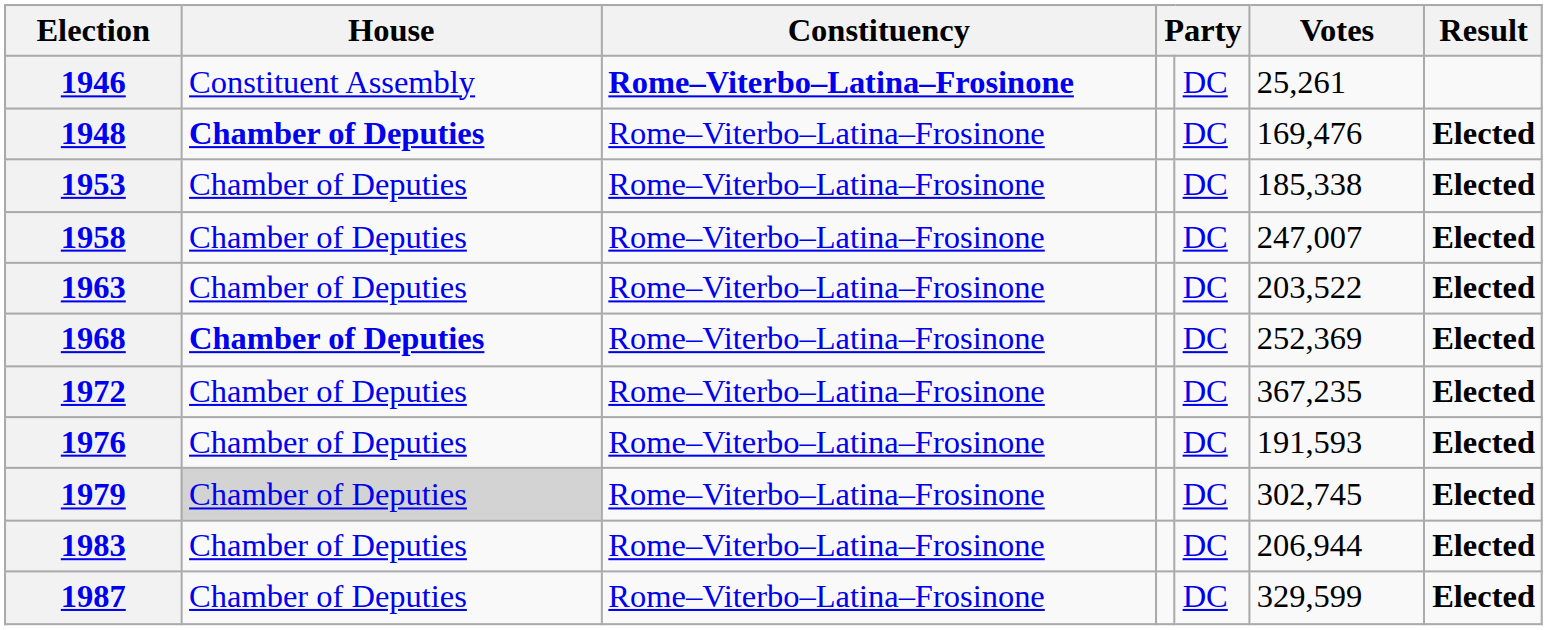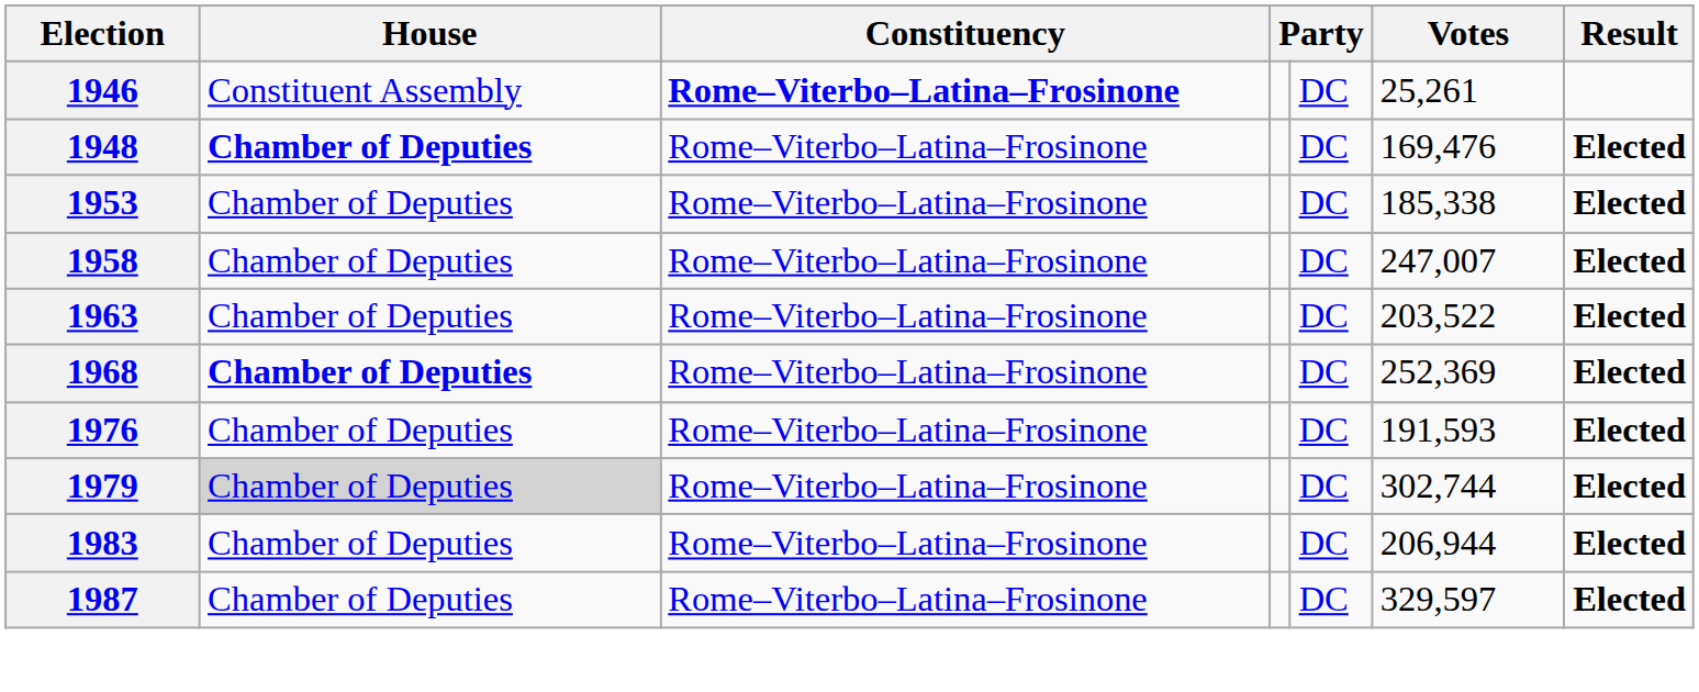 <table class=wikitable style="width:60%; border:1px #AAAAFF solid">
 <tr>
 <th width=12%>Election</th>
 <th width=30%>House</th>
 <th width=40%>Constituency</th>
 <th width=5% colspan="2">Party</th>
 <th width=12%>Votes</th>
 <th width=12%>Result</th>
 </tr>
 <tr>
 <th><a href='#'>1946</a></th>
 <td><a href='#'>Constituent Assembly</a></td>
 <td><strong><a href='#'>Rome–Viterbo–Latina–Frosinone</a></strong></td>
 <td></td>
 <td><a href='#'>DC</a></td>
 <td>25,261</td>
 <td></td>
 </tr>
 <tr>
 <th><a href='#'>1948</a></th>
 <td><strong><a href='#'>Chamber of Deputies</a></strong></td>
 <td><a href='#'>Rome–Viterbo–Latina–Frosinone</a></td>
 <td></td>
 <td><a href='#'>DC</a></td>
 <td>169,476</td>
 <td> <strong>Elected</strong></td>
 </tr>
 <tr>
 <th><a href='#'>1953</a></th>
 <td><a href='#'>Chamber of Deputies</a></td>
 <td><a href='#'>Rome–Viterbo–Latina–Frosinone</a></td>
 <td></td>
 <td><a href='#'>DC</a></td>
 <td>185,338</td>
 <td> <strong>Elected</strong></td>
 </tr>
 <tr>
 <th><a href='#'>1958</a></th>
 <td><a href='#'>Chamber of Deputies</a></td>
 <td><a href='#'>Rome–Viterbo–Latina–Frosinone</a></td>
 <td></td>
 <td><a href='#'>DC</a></td>
 <td>247,007</td>
 <td> <strong>Elected</strong></td>
 </tr>
 <tr>
 <th><a href='#'>1963</a></th>
 <td><a href='#'>Chamber of Deputies</a></td>
 <td><a href='#'>Rome–Viterbo–Latina–Frosinone</a></td>
 <td></td>
 <td><a href='#'>DC</a></td>
 <td>203,522</td>
 <td> <strong>Elected</strong></td>
 </tr>
 <tr>
 <th><a href='#'>1968</a></th>
 <td><strong><a href='#'>Chamber of Deputies</a></strong></td>
 <td><a href='#'>Rome–Viterbo–Latina–Frosinone</a></td>
 <td></td>
 <td><a href='#'>DC</a></td>
 <td>252,369</td>
 <td> <strong>Elected</strong></td>
 </tr>
 <tr>
-<th><a href='#'>1972</a></th>
-<td><a href='#'>Chamber of Deputies</a></td>
-<td><a href='#'>Rome–Viterbo–Latina–Frosinone</a></td>
-<td></td>
-<td><a href='#'>DC</a></td>
-<td>367,235</td>
-<td> <strong>Elected</strong></td>
-</tr>
-<tr>
 <th><a href='#'>1976</a></th>
 <td><a href='#'>Chamber of Deputies</a></td>
 <td><a href='#'>Rome–Viterbo–Latina–Frosinone</a></td>
 <td></td>
 <td><a href='#'>DC</a></td>
 <td>191,593</td>
 <td> <strong>Elected</strong></td>
 </tr>
 <tr>
 <th><a href='#'>1979</a></th>
 <td style="background: lightgrey;"><a href='#'>Chamber of Deputies</a></td>
 <td><a href='#'>Rome–Viterbo–Latina–Frosinone</a></td>
 <td></td>
 <td><a href='#'>DC</a></td>
-<td>302,745</td>
+<td>302,744</td>
 <td> <strong>Elected</strong></td>
 </tr>
 <tr>
 <th><a href='#'>1983</a></th>
 <td><a href='#'>Chamber of Deputies</a></td>
 <td><a href='#'>Rome–Viterbo–Latina–Frosinone</a></td>
 <td></td>
 <td><a href='#'>DC</a></td>
 <td>206,944</td>
 <td> <strong>Elected</strong></td>
 </tr>
 <tr>
 <th><a href='#'>1987</a></th>
 <td><a href='#'>Chamber of Deputies</a></td>
 <td><a href='#'>Rome–Viterbo–Latina–Frosinone</a></td>
 <td></td>
 <td><a href='#'>DC</a></td>
-<td>329,599</td>
+<td>329,597</td>
 <td> <strong>Elected</strong></td>
 </tr>
 </table>
